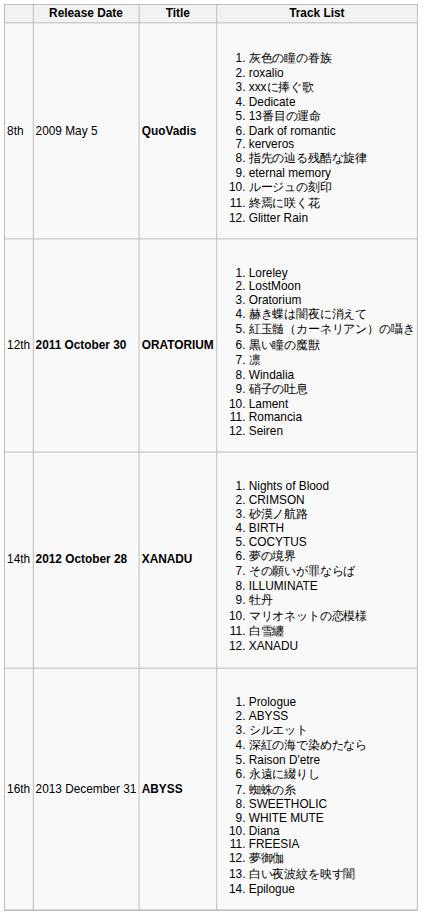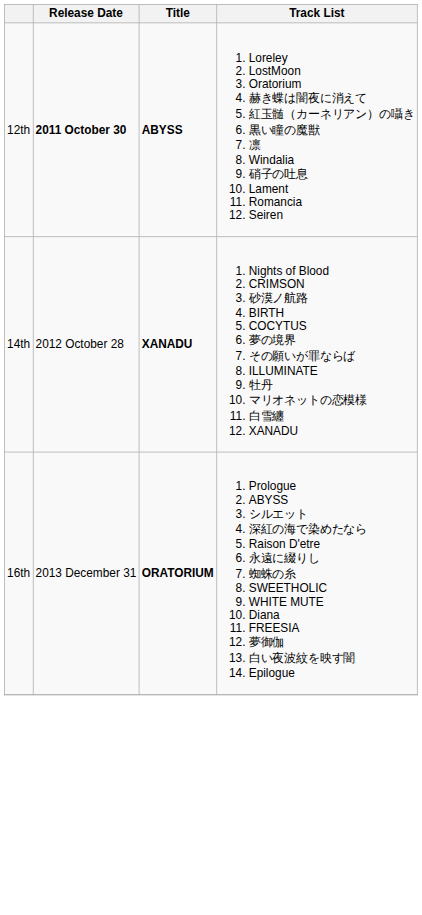 <table class=wikitable>
 <tr>
 <th></th>
 <th>Release Date</th>
 <th>Title</th>
 <th>Track List</th>
 </tr>
 <tr>
-<td>8th</td>
-<td>2009 May 5</td>
-<td><strong>QuoVadis</strong></td>
-<td><br><ol><li>灰色の瞳の眷族</li><li>roxalio</li><li>xxxに捧ぐ歌</li><li>Dedicate</li><li>13番目の運命</li><li>Dark of romantic</li><li>kerveros</li><li>指先の辿る残酷な旋律</li><li>eternal memory</li><li>ルージュの刻印</li><li>終焉に咲く花</li><li>Glitter Rain</li></ol></td>
-</tr>
-<tr>
 <td>12th</td>
 <td><strong>2011 October 30</strong></td>
-<td><strong>ORATORIUM</strong></td>
+<td><strong>ABYSS</strong></td>
 <td><br><ol><li>Loreley</li><li>LostMoon</li><li>Oratorium</li><li>赫き蝶は闇夜に消えて</li><li>紅玉髄（カーネリアン）の囁き</li><li>黒い瞳の魔獣</li><li>凛</li><li>Windalia</li><li>硝子の吐息</li><li>Lament</li><li>Romancia</li><li>Seiren</li></ol></td>
 </tr>
 <tr>
 <td>14th</td>
-<td><strong>2012 October 28</strong></td>
+<td>2012 October 28</td>
 <td><strong>XANADU</strong></td>
 <td><br><ol><li>Nights of Blood</li><li>CRIMSON</li><li>砂漠ノ航路</li><li>BIRTH</li><li>COCYTUS</li><li>夢の境界</li><li>その願いが罪ならば</li><li>ILLUMINATE</li><li>牡丹</li><li>マリオネットの恋模様</li><li>白雪纏</li><li>XANADU</li></ol></td>
 </tr>
 <tr>
 <td>16th</td>
 <td>2013 December 31</td>
-<td><strong>ABYSS</strong></td>
+<td><strong>ORATORIUM</strong></td>
 <td><br><ol><li>Prologue</li><li>ABYSS</li><li>シルエット</li><li>深紅の海で染めたなら</li><li>Raison D'etre</li><li>永遠に綴りし</li><li>蜘蛛の糸</li><li>SWEETHOLIC</li><li>WHITE MUTE</li><li>Diana</li><li>FREESIA</li><li>夢御伽</li><li>白い夜波紋を映す闇</li><li>Epilogue</li></ol></td>
 </tr>
 <tr>
 </tr>
 </table>
